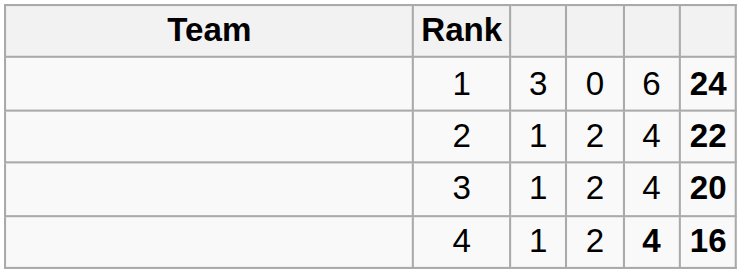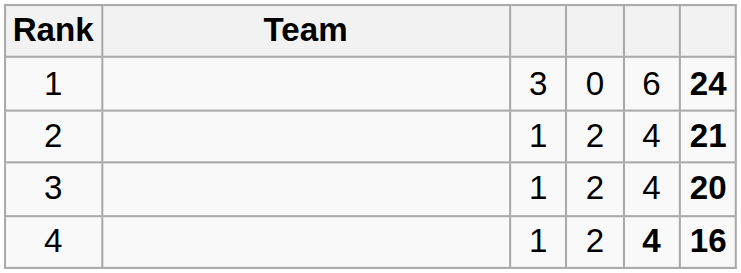 <table class="wikitable" style="text-align:center">
 <tr>
+<th>Rank</th>
 <th style="width:190px;">Team</th>
-<th>Rank</th>
 <th width=20px></th>
 <th width=20px></th>
 <th width=20px></th>
 <th width=20px></th>
 </tr>
 <tr bgcolor=>
+<td>1</td>
 <td align="left"></td>
-<td>1</td>
 <td>3</td>
 <td>0</td>
 <td>6</td>
 <td><strong>24</strong></td>
 </tr>
 <tr bgcolor=>
+<td>2</td>
 <td align="left"><strong></strong></td>
-<td>2</td>
 <td>1</td>
 <td>2</td>
 <td>4</td>
-<td><strong>22</strong></td>
+<td><strong>21</strong></td>
 </tr>
 <tr bgcolor=>
+<td>3</td>
 <td align="left"></td>
-<td>3</td>
 <td>1</td>
 <td>2</td>
 <td>4</td>
 <td><strong>20</strong></td>
 </tr>
 <tr bgcolor=>
+<td>4</td>
 <td align="left"></td>
-<td>4</td>
 <td>1</td>
 <td>2</td>
 <td><strong>4</strong></td>
 <td><strong>16</strong></td>
 </tr>
 </table>
